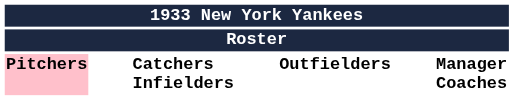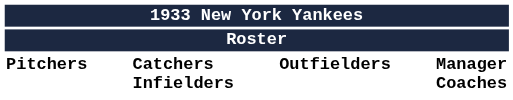 <table class="toccolours" style="font-size: 95%;">
 <tr>
 <th colspan="10" style="background-color: #1c2841; color: white; text-align: center;">1933 New York Yankees</th>
 </tr>
 <tr>
 <td colspan="10" style="background-color: #1c2841; color: white; text-align: center;"><strong>Roster</strong></td>
 </tr>
 <tr>
-<td valign="top" style="background: pink;"><strong>Pitchers</strong><br>            </td>
+<td valign="top"><strong>Pitchers</strong><br>            </td>
 <td width="25px"></td>
 <td valign="top"><strong>Catchers</strong><br>    <strong>Infielders</strong>       </td>
 <td width="25px"></td>
 <td valign="top"><strong>Outfielders</strong><br>    </td>
 <td width="25px"></td>
 <td valign="top"><strong>Manager</strong><br> <strong>Coaches</strong>    </td>
 </tr>
 </table>
